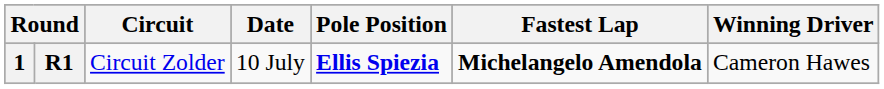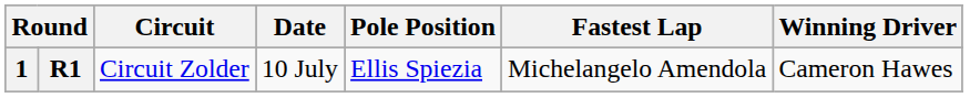 <table class="wikitable" style="font-size: 85%">
 <tr>
 <th colspan=2>Round</th>
 <th>Circuit</th>
 <th>Date</th>
 <th>Pole Position</th>
 <th>Fastest Lap</th>
 <th>Winning Driver</th>
 </tr>
 <tr>
 <th>1</th>
 <th>R1</th>
 <td> <a href='#'>Circuit Zolder</a></td>
 <td>10 July</td>
-<td><strong> <a href='#'>Ellis Spiezia</a></strong></td>
-<td><strong> Michelangelo Amendola</strong></td>
+<td> <a href='#'>Ellis Spiezia</a></td>
+<td> Michelangelo Amendola</td>
 <td> Cameron Hawes</td>
 </tr>
 </table>
